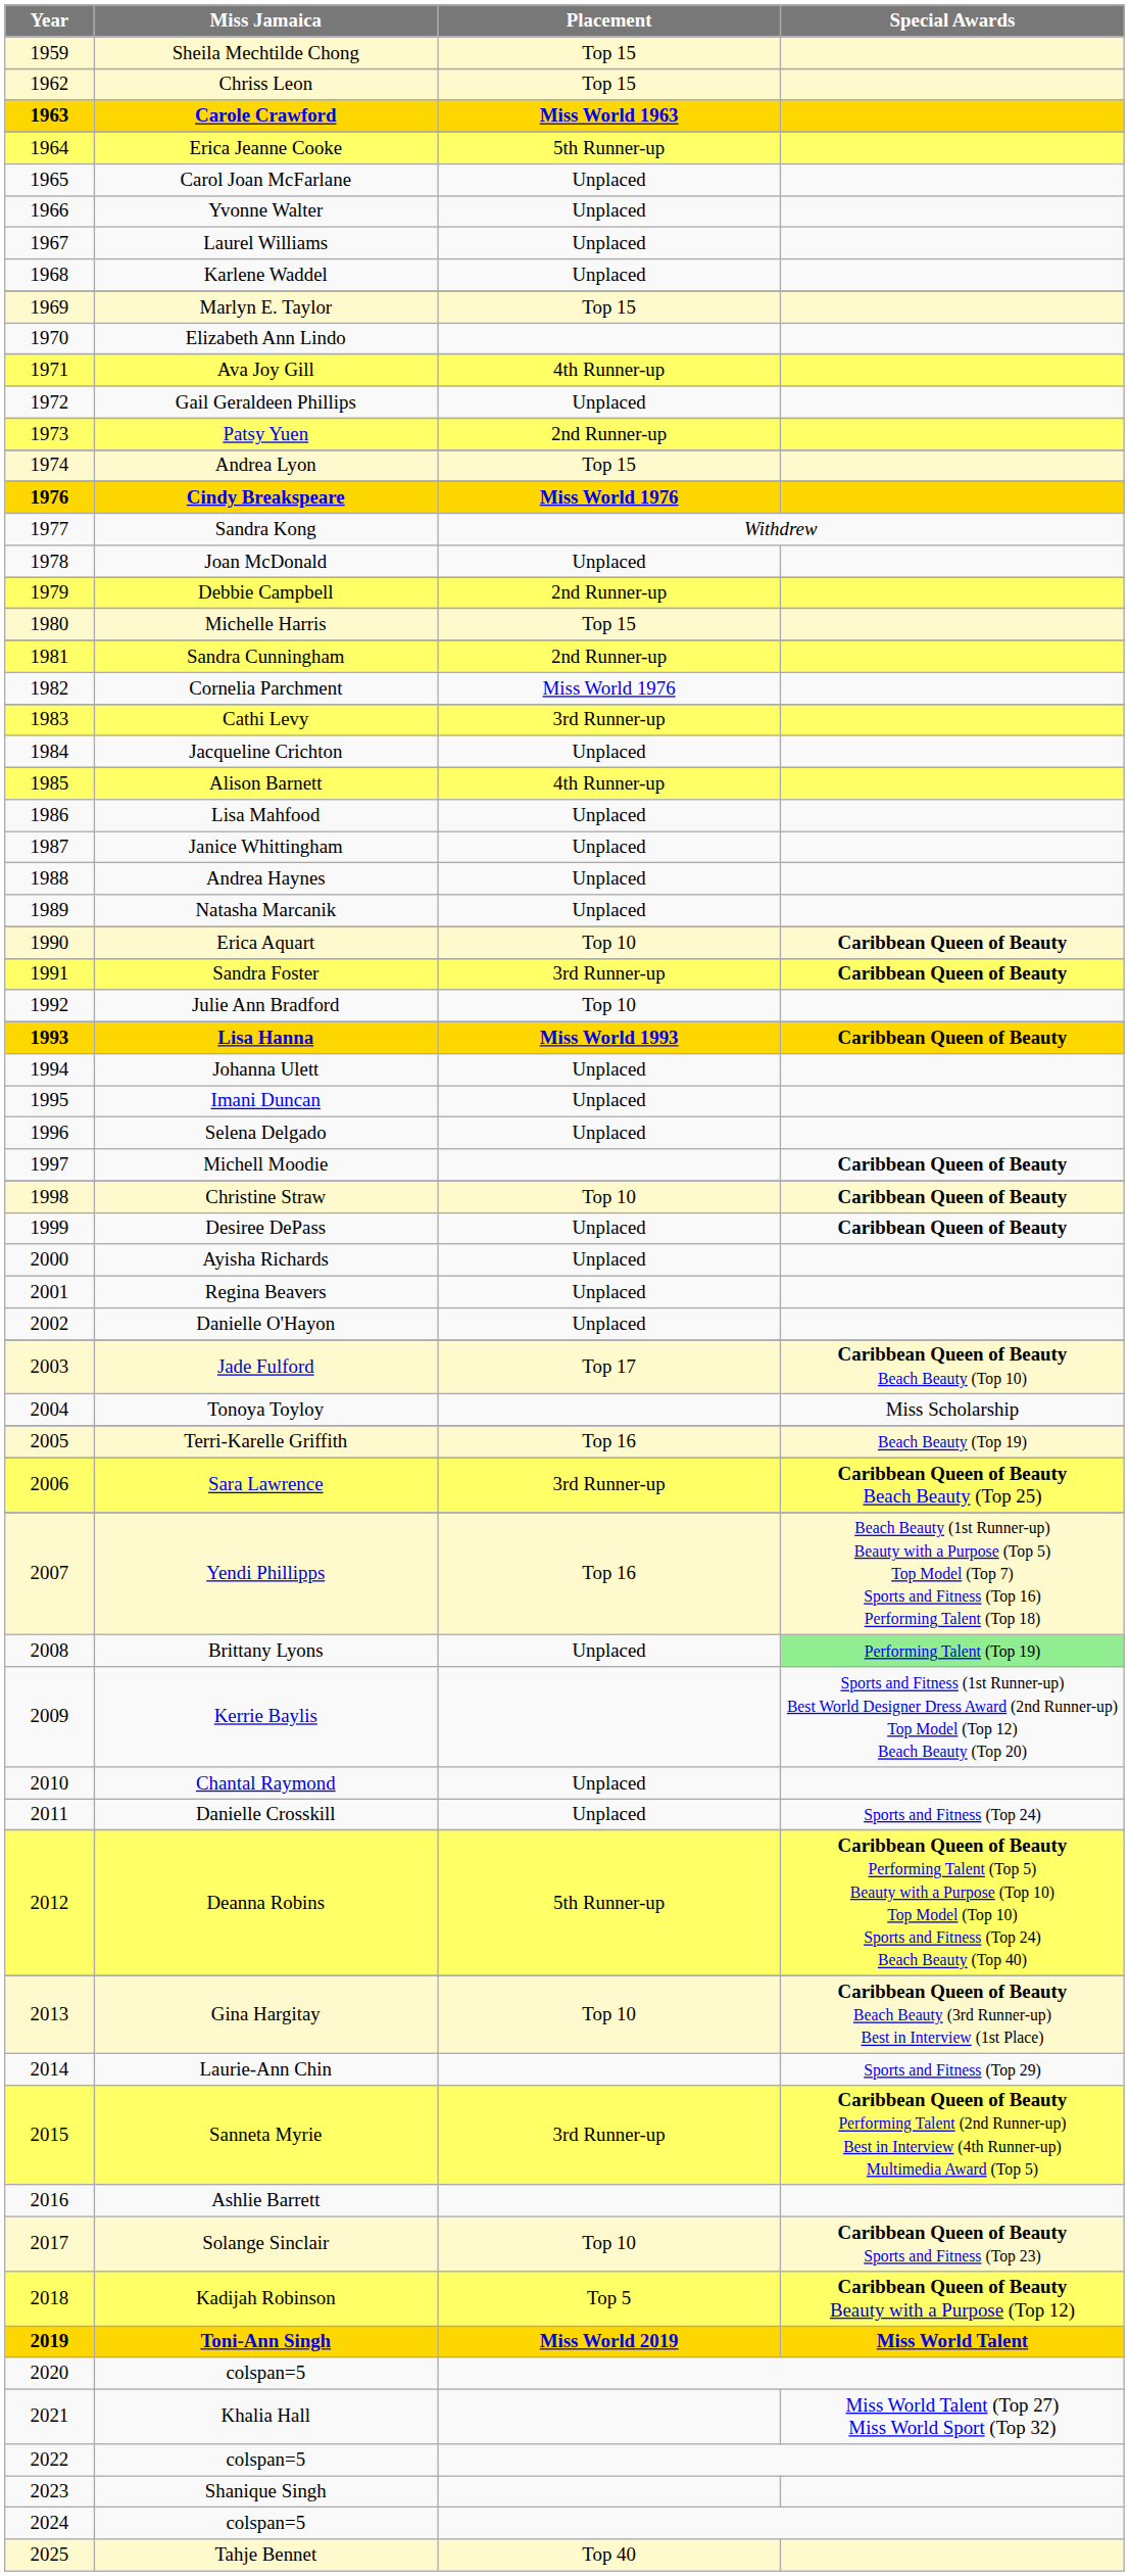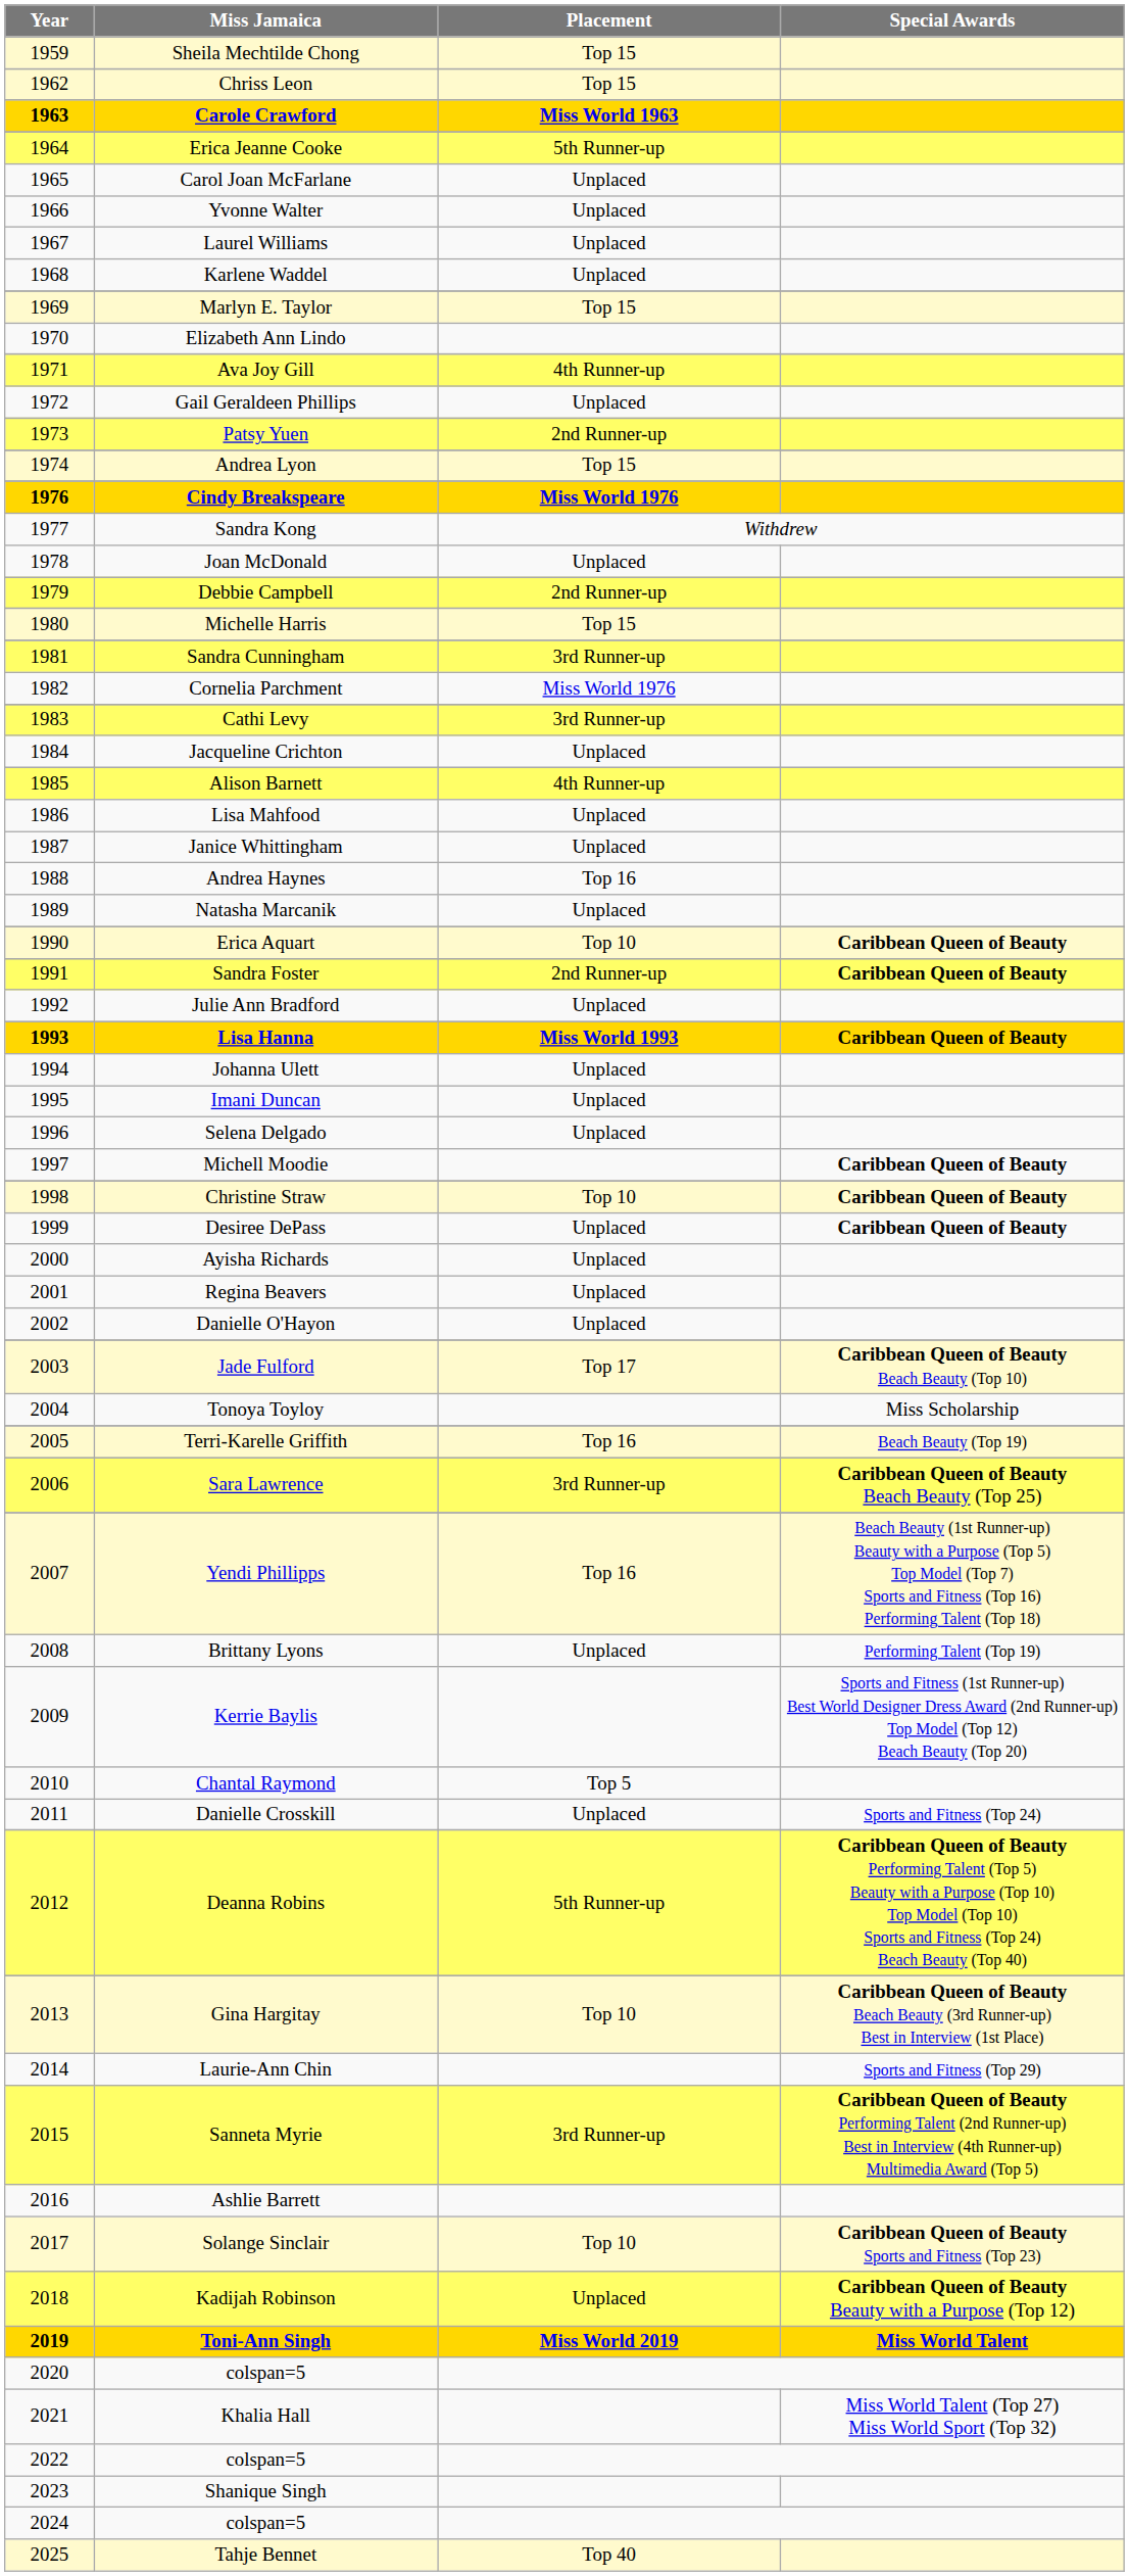 <table class="wikitable sortable" style="font-size: 90%; text-align:center">
 <tr>
 <th width="60" style="background-color:#787878;color:#FFFFFF;">Year</th>
 <th width="250" style="background-color:#787878;color:#FFFFFF;">Miss Jamaica</th>
 <th width="250" style="background-color:#787878;color:#FFFFFF;">Placement</th>
 <th width="250" style="background-color:#787878;color:#FFFFFF;">Special Awards</th>
 </tr>
 <tr>
 </tr>
 <tr style="background-color:#FFFACD;">
 <td>1959</td>
 <td>Sheila Mechtilde Chong</td>
 <td>Top 15</td>
 <td></td>
 </tr>
 <tr>
 </tr>
 <tr style="background-color:#FFFACD;">
 <td>1962</td>
 <td>Chriss Leon</td>
 <td>Top 15</td>
 <td></td>
 </tr>
 <tr>
 </tr>
 <tr style="background-color:gold; font-weight: bold">
 <td>1963</td>
 <td><a href='#'>Carole Crawford</a></td>
 <td><a href='#'>Miss World 1963</a></td>
 <td></td>
 </tr>
 <tr>
 </tr>
 <tr style="background-color:#FFFF66">
 <td>1964</td>
 <td>Erica Jeanne Cooke</td>
 <td>5th Runner-up</td>
 <td></td>
 </tr>
 <tr>
 <td>1965</td>
 <td>Carol Joan McFarlane</td>
 <td>Unplaced</td>
 <td></td>
 </tr>
 <tr>
 <td>1966</td>
 <td>Yvonne Walter</td>
 <td>Unplaced</td>
 <td></td>
 </tr>
 <tr>
 <td>1967</td>
 <td>Laurel Williams</td>
 <td>Unplaced</td>
 <td></td>
 </tr>
 <tr>
 <td>1968</td>
 <td>Karlene Waddel</td>
 <td>Unplaced</td>
 <td></td>
 </tr>
 <tr>
 </tr>
 <tr style="background-color:#FFFACD">
 <td>1969</td>
 <td>Marlyn E. Taylor</td>
 <td>Top 15</td>
 <td></td>
 </tr>
 <tr>
 <td>1970</td>
 <td>Elizabeth Ann Lindo</td>
 <td></td>
 <td></td>
 </tr>
 <tr>
 </tr>
 <tr style="background-color:#FFFF66">
 <td>1971</td>
 <td>Ava Joy Gill</td>
 <td>4th Runner-up</td>
 <td></td>
 </tr>
 <tr>
 <td>1972</td>
 <td>Gail Geraldeen Phillips</td>
 <td>Unplaced</td>
 <td></td>
 </tr>
 <tr>
 </tr>
 <tr style="background-color:#FFFF66;">
 <td>1973</td>
 <td><a href='#'>Patsy Yuen</a></td>
 <td>2nd Runner-up</td>
 <td></td>
 </tr>
 <tr>
 </tr>
 <tr style="background-color:#FFFACD;">
 <td>1974</td>
 <td>Andrea Lyon</td>
 <td>Top 15</td>
 <td></td>
 </tr>
 <tr>
 </tr>
 <tr style="background-color:gold; font-weight: bold">
 <td>1976</td>
 <td><a href='#'>Cindy Breakspeare</a></td>
 <td><a href='#'>Miss World 1976</a></td>
 <td></td>
 </tr>
 <tr>
 <td>1977</td>
 <td>Sandra Kong</td>
 <td colspan="2"><em>Withdrew</em></td>
 </tr>
 <tr>
 <td>1978</td>
 <td>Joan McDonald</td>
 <td>Unplaced</td>
 <td></td>
 </tr>
 <tr>
 </tr>
 <tr style="background-color:#FFFF66;">
 <td>1979</td>
 <td>Debbie Campbell</td>
 <td>2nd Runner-up</td>
 <td></td>
 </tr>
 <tr>
 </tr>
 <tr style="background-color:#FFFACD;">
 <td>1980</td>
 <td>Michelle Harris</td>
 <td>Top 15</td>
 <td></td>
 </tr>
 <tr>
 </tr>
 <tr style="background-color:#FFFF66;">
 <td>1981</td>
 <td>Sandra Cunningham</td>
-<td>2nd Runner-up</td>
+<td>3rd Runner-up</td>
 <td></td>
 </tr>
 <tr>
 <td>1982</td>
 <td>Cornelia Parchment</td>
 <td><a href='#'>Miss World 1976</a></td>
 <td></td>
 </tr>
 <tr>
 </tr>
 <tr style="background-color:#FFFF66;">
 <td>1983</td>
 <td>Cathi Levy</td>
 <td>3rd Runner-up</td>
 <td></td>
 </tr>
 <tr>
 <td>1984</td>
 <td>Jacqueline Crichton</td>
 <td>Unplaced</td>
 <td></td>
 </tr>
 <tr>
 </tr>
 <tr style="background-color:#FFFF66;">
 <td>1985</td>
 <td>Alison Barnett</td>
 <td>4th Runner-up</td>
 <td></td>
 </tr>
 <tr>
 <td>1986</td>
 <td>Lisa Mahfood</td>
 <td>Unplaced</td>
 <td></td>
 </tr>
 <tr>
 <td>1987</td>
 <td>Janice Whittingham</td>
 <td>Unplaced</td>
 <td></td>
 </tr>
 <tr>
 <td>1988</td>
 <td>Andrea Haynes</td>
-<td>Unplaced</td>
+<td>Top 16</td>
 <td></td>
 </tr>
 <tr>
 <td>1989</td>
 <td>Natasha Marcanik</td>
 <td>Unplaced</td>
 <td></td>
 </tr>
 <tr>
 </tr>
 <tr style="background-color:#FFFACD;">
 <td>1990</td>
 <td>Erica Aquart</td>
 <td>Top 10</td>
 <td><strong>Caribbean Queen of Beauty</strong></td>
 </tr>
 <tr>
 </tr>
 <tr style="background-color:#FFFF66;">
 <td>1991</td>
 <td>Sandra Foster</td>
-<td>3rd Runner-up</td>
+<td>2nd Runner-up</td>
 <td><strong>Caribbean Queen of Beauty</strong></td>
 </tr>
 <tr>
 <td>1992</td>
 <td>Julie Ann Bradford</td>
-<td>Top 10</td>
+<td>Unplaced</td>
 <td></td>
 </tr>
 <tr>
 </tr>
 <tr style="background-color:gold; font-weight: bold">
 <td>1993</td>
 <td><a href='#'>Lisa Hanna</a></td>
 <td><a href='#'>Miss World 1993</a></td>
 <td>Caribbean Queen of Beauty</td>
 </tr>
 <tr>
 <td>1994</td>
 <td>Johanna Ulett</td>
 <td>Unplaced</td>
 <td></td>
 </tr>
 <tr>
 <td>1995</td>
 <td><a href='#'>Imani Duncan</a></td>
 <td>Unplaced</td>
 <td></td>
 </tr>
 <tr>
 <td>1996</td>
 <td>Selena Delgado</td>
 <td>Unplaced</td>
 <td></td>
 </tr>
 <tr>
 <td>1997</td>
 <td>Michell Moodie</td>
 <td></td>
 <td><strong>Caribbean Queen of Beauty</strong></td>
 </tr>
 <tr>
 </tr>
 <tr style="background-color:#FFFACD;">
 <td>1998</td>
 <td>Christine Straw</td>
 <td>Top 10</td>
 <td><strong>Caribbean Queen of Beauty</strong></td>
 </tr>
 <tr>
 <td>1999</td>
 <td>Desiree DePass</td>
 <td>Unplaced</td>
 <td><strong>Caribbean Queen of Beauty</strong></td>
 </tr>
 <tr>
 <td>2000</td>
 <td>Ayisha Richards</td>
 <td>Unplaced</td>
 <td></td>
 </tr>
 <tr>
 <td>2001</td>
 <td>Regina Beavers</td>
 <td>Unplaced</td>
 <td></td>
 </tr>
 <tr>
 <td>2002</td>
 <td>Danielle O'Hayon</td>
 <td>Unplaced</td>
 <td></td>
 </tr>
 <tr>
 </tr>
 <tr style="background-color:#FFFACD;">
 <td>2003</td>
 <td><a href='#'>Jade Fulford</a></td>
 <td>Top 17</td>
 <td><strong>Caribbean Queen of Beauty</strong><br><small><a href='#'>Beach Beauty</a> (Top 10)</small></td>
 </tr>
 <tr>
 <td>2004</td>
 <td>Tonoya Toyloy</td>
 <td></td>
 <td>Miss Scholarship</td>
 </tr>
 <tr>
 </tr>
 <tr style="background-color:#FFFACD;">
 <td>2005</td>
 <td>Terri-Karelle Griffith</td>
 <td>Top 16</td>
 <td><small><a href='#'>Beach Beauty</a> (Top 19)</small></td>
 </tr>
 <tr>
 </tr>
 <tr style="background-color:#FFFF66;">
 <td>2006</td>
 <td><a href='#'>Sara Lawrence</a></td>
 <td>3rd Runner-up</td>
 <td><strong>Caribbean Queen of Beauty</strong><br><a href='#'>Beach Beauty</a> (Top 25)</td>
 </tr>
 <tr>
 </tr>
 <tr style="background-color:#FFFACD;">
 <td>2007</td>
 <td><a href='#'>Yendi Phillipps</a></td>
 <td>Top 16</td>
 <td><small><a href='#'>Beach Beauty</a> (1st Runner-up)<br><a href='#'>Beauty with a Purpose</a> (Top 5)<br><a href='#'>Top Model</a> (Top 7)<br><a href='#'>Sports and Fitness</a> (Top 16)<br><a href='#'>Performing Talent</a> (Top 18)</small></td>
 </tr>
 <tr>
 <td>2008</td>
 <td>Brittany Lyons</td>
 <td>Unplaced</td>
-<td style="background: lightgreen;"><small><a href='#'>Performing Talent</a> (Top 19)</small></td>
+<td><small><a href='#'>Performing Talent</a> (Top 19)</small></td>
 </tr>
 <tr>
 <td>2009</td>
 <td><a href='#'>Kerrie Baylis</a></td>
 <td></td>
 <td><small><a href='#'>Sports and Fitness</a> (1st Runner-up)<br><a href='#'>Best World Designer Dress Award</a> (2nd Runner-up)<br><a href='#'>Top Model</a> (Top 12)<br><a href='#'>Beach Beauty</a> (Top 20)</small></td>
 </tr>
 <tr>
 <td>2010</td>
 <td><a href='#'>Chantal Raymond</a></td>
-<td>Unplaced</td>
+<td>Top 5</td>
 <td></td>
 </tr>
 <tr>
 <td>2011</td>
 <td>Danielle Crosskill</td>
 <td>Unplaced</td>
 <td><small><a href='#'>Sports and Fitness</a> (Top 24)</small></td>
 </tr>
 <tr>
 </tr>
 <tr style="background-color:#FFFF66;">
 <td>2012</td>
 <td>Deanna Robins</td>
 <td>5th Runner-up</td>
 <td><strong>Caribbean Queen of Beauty</strong><br><small><a href='#'>Performing Talent</a> (Top 5)<br><a href='#'>Beauty with a Purpose</a> (Top 10)<br><a href='#'>Top Model</a> (Top 10)<br><a href='#'>Sports and Fitness</a> (Top 24)<br><a href='#'>Beach Beauty</a> (Top 40)</small></td>
 </tr>
 <tr>
 </tr>
 <tr style="background-color:#FFFACD;">
 <td>2013</td>
 <td>Gina Hargitay</td>
 <td>Top 10</td>
 <td><strong>Caribbean Queen of Beauty</strong><br><small><a href='#'>Beach Beauty</a> (3rd Runner-up)<br><a href='#'>Best in Interview</a> (1st Place)</small></td>
 </tr>
 <tr>
 <td>2014</td>
 <td>Laurie-Ann Chin</td>
 <td></td>
 <td><small><a href='#'>Sports and Fitness</a> (Top 29)</small></td>
 </tr>
 <tr style="background-color:#FFFF66;">
 <td>2015</td>
 <td>Sanneta Myrie</td>
 <td>3rd Runner-up</td>
 <td><strong>Caribbean Queen of Beauty</strong><br><small><a href='#'>Performing Talent</a> (2nd Runner-up)<br><a href='#'>Best in Interview</a> (4th Runner-up)<br><a href='#'>Multimedia Award</a> (Top 5)</small></td>
 </tr>
 <tr>
 <td>2016</td>
 <td>Ashlie Barrett</td>
 <td></td>
 <td></td>
 </tr>
 <tr style="background-color:#FFFACD;">
 <td>2017</td>
 <td>Solange Sinclair</td>
 <td>Top 10</td>
 <td><strong>Caribbean Queen of Beauty</strong><br><small><a href='#'>Sports and Fitness</a> (Top 23)</small></td>
 </tr>
 <tr style="background-color:#FFFF66;">
 <td>2018</td>
 <td>Kadijah Robinson</td>
-<td>Top 5</td>
+<td>Unplaced</td>
 <td><strong>Caribbean Queen of Beauty</strong><br><a href='#'>Beauty with a Purpose</a> (Top 12)</td>
 </tr>
 <tr style="background-color:gold; font-weight: bold">
 <td>2019</td>
 <td><a href='#'>Toni-Ann Singh</a></td>
 <td><a href='#'>Miss World 2019</a></td>
 <td><a href='#'>Miss World Talent</a></td>
 </tr>
 <tr>
 <td>2020</td>
 <td>colspan=5 </td>
 </tr>
 <tr>
 <td>2021</td>
 <td>Khalia Hall</td>
 <td></td>
 <td><a href='#'>Miss World Talent</a> (Top 27)<br> <a href='#'>Miss World Sport</a> (Top 32)</td>
 </tr>
 <tr>
 <td>2022</td>
 <td>colspan=5 </td>
 </tr>
 <tr>
 <td>2023</td>
 <td>Shanique Singh</td>
 <td></td>
 <td></td>
 </tr>
 <tr>
 <td>2024</td>
 <td>colspan=5 </td>
 </tr>
 <tr style="background-color:#FFFACD;">
 <td>2025</td>
 <td>Tahje Bennet</td>
 <td>Top 40</td>
 <td></td>
 </tr>
 </table>
